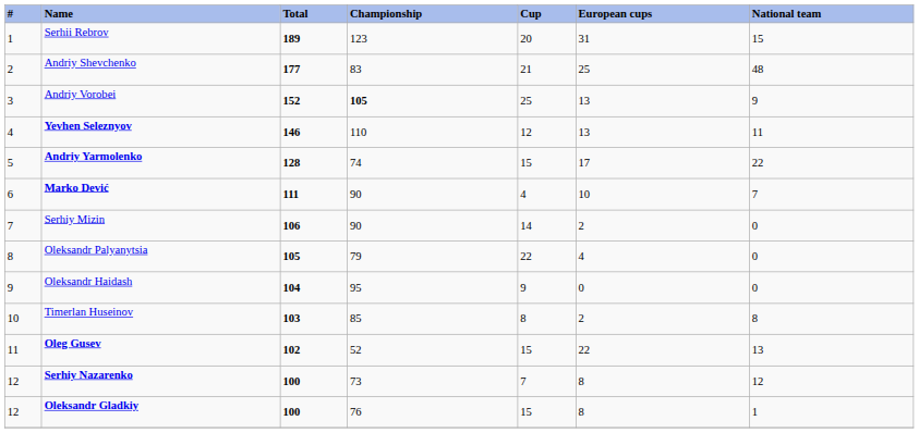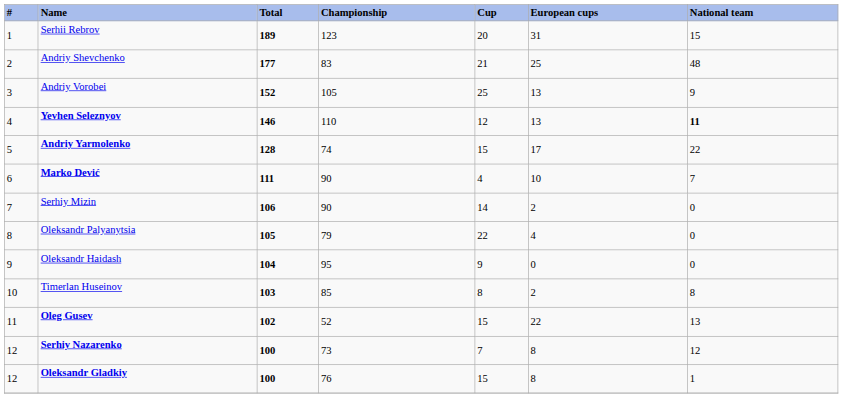 <table class="wikitable" width="100%">
 <tr style="background:#A8BDEC;">
 <td><strong>#</strong></td>
 <td><strong>Name</strong></td>
 <td><strong>Total</strong></td>
 <td><strong>Championship</strong></td>
 <td><strong>Cup</strong></td>
 <td><strong>European cups</strong></td>
 <td><strong>National team</strong></td>
 </tr>
 <tr>
 <td>1</td>
 <td><a href='#'>Serhii Rebrov</a><br><br></td>
 <td><strong>189</strong></td>
 <td>123</td>
 <td>20</td>
 <td>31</td>
 <td>15</td>
 </tr>
 <tr>
 <td>2</td>
 <td><a href='#'>Andriy Shevchenko</a><br><br></td>
 <td><strong>177</strong></td>
 <td>83</td>
 <td>21</td>
 <td>25</td>
 <td>48</td>
 </tr>
 <tr>
 <td>3</td>
 <td><a href='#'>Andriy Vorobei</a><br><br></td>
 <td><strong>152</strong></td>
-<td><strong>105</strong></td>
+<td>105</td>
 <td>25</td>
 <td>13</td>
 <td>9</td>
 </tr>
 <tr>
 <td>4</td>
 <td><strong><a href='#'>Yevhen Seleznyov</a></strong><br><br></td>
 <td><strong>146</strong></td>
 <td>110</td>
 <td>12</td>
 <td>13</td>
-<td>11</td>
+<td><strong>11</strong></td>
 </tr>
 <tr>
 <td>5</td>
 <td><strong><a href='#'>Andriy Yarmolenko</a></strong><br><br></td>
 <td><strong>128</strong></td>
 <td>74</td>
 <td>15</td>
 <td>17</td>
 <td>22</td>
 </tr>
 <tr>
 <td>6</td>
 <td><strong><a href='#'>Marko Dević</a></strong><br><br></td>
 <td><strong>111</strong></td>
 <td>90</td>
 <td>4</td>
 <td>10</td>
 <td>7</td>
 </tr>
 <tr>
 <td>7</td>
 <td><a href='#'>Serhiy Mizin</a><br><br></td>
 <td><strong>106</strong></td>
 <td>90</td>
 <td>14</td>
 <td>2</td>
 <td>0</td>
 </tr>
 <tr>
 <td>8</td>
 <td><a href='#'>Oleksandr Palyanytsia</a><br><br></td>
 <td><strong>105</strong></td>
 <td>79</td>
 <td>22</td>
 <td>4</td>
 <td>0</td>
 </tr>
 <tr>
 <td>9</td>
 <td><a href='#'>Oleksandr Haidash</a><br><br></td>
 <td><strong>104</strong></td>
 <td>95</td>
 <td>9</td>
 <td>0</td>
 <td>0</td>
 </tr>
 <tr>
 <td>10</td>
 <td><a href='#'>Timerlan Huseinov</a><br><br></td>
 <td><strong>103</strong></td>
 <td>85</td>
 <td>8</td>
 <td>2</td>
 <td>8</td>
 </tr>
 <tr>
 <td>11</td>
 <td><strong><a href='#'>Oleg Gusev</a></strong><br><br></td>
 <td><strong>102</strong></td>
 <td>52</td>
 <td>15</td>
 <td>22</td>
 <td>13</td>
 </tr>
 <tr>
 <td>12</td>
 <td><strong><a href='#'>Serhiy Nazarenko</a></strong><br><br></td>
 <td><strong>100</strong></td>
 <td>73</td>
 <td>7</td>
 <td>8</td>
 <td>12</td>
 </tr>
 <tr>
 <td>12</td>
 <td><strong><a href='#'>Oleksandr Gladkiy</a></strong><br><br></td>
 <td><strong>100</strong></td>
 <td>76</td>
 <td>15</td>
 <td>8</td>
 <td>1</td>
 </tr>
 <tr>
 </tr>
 </table>
